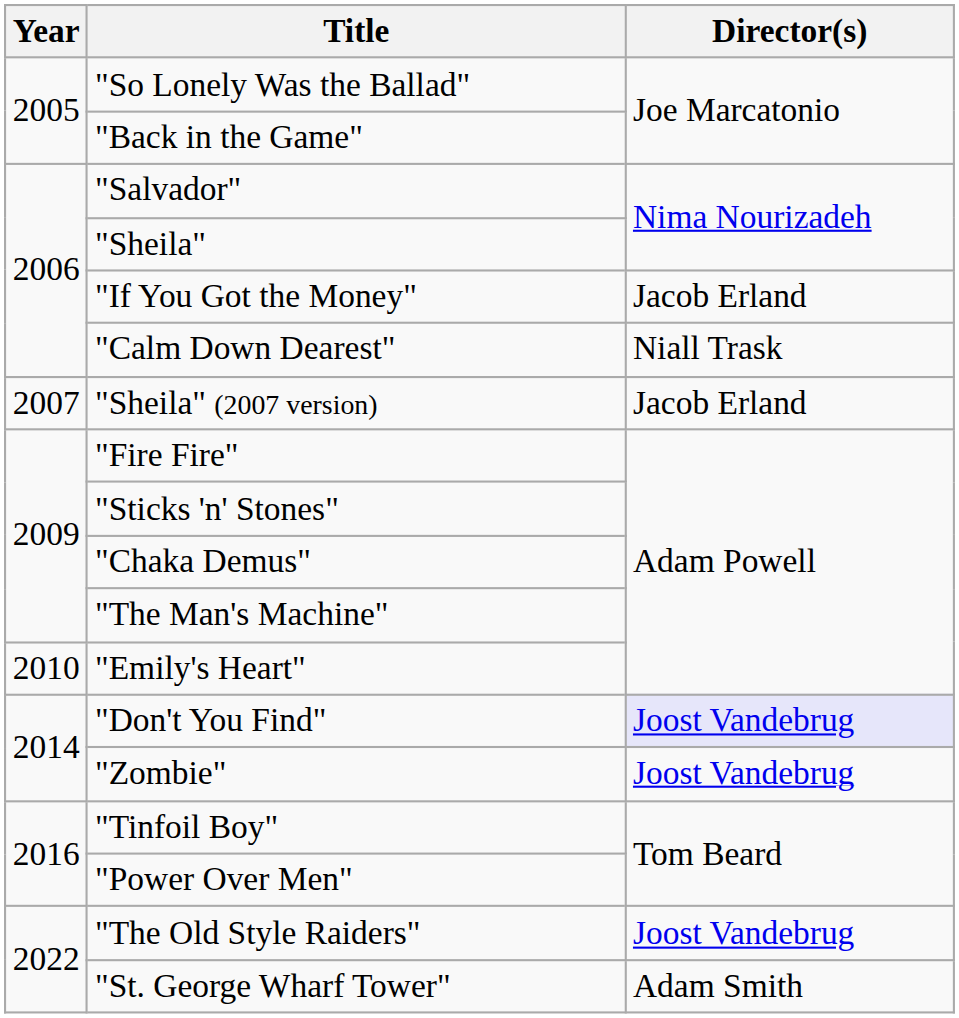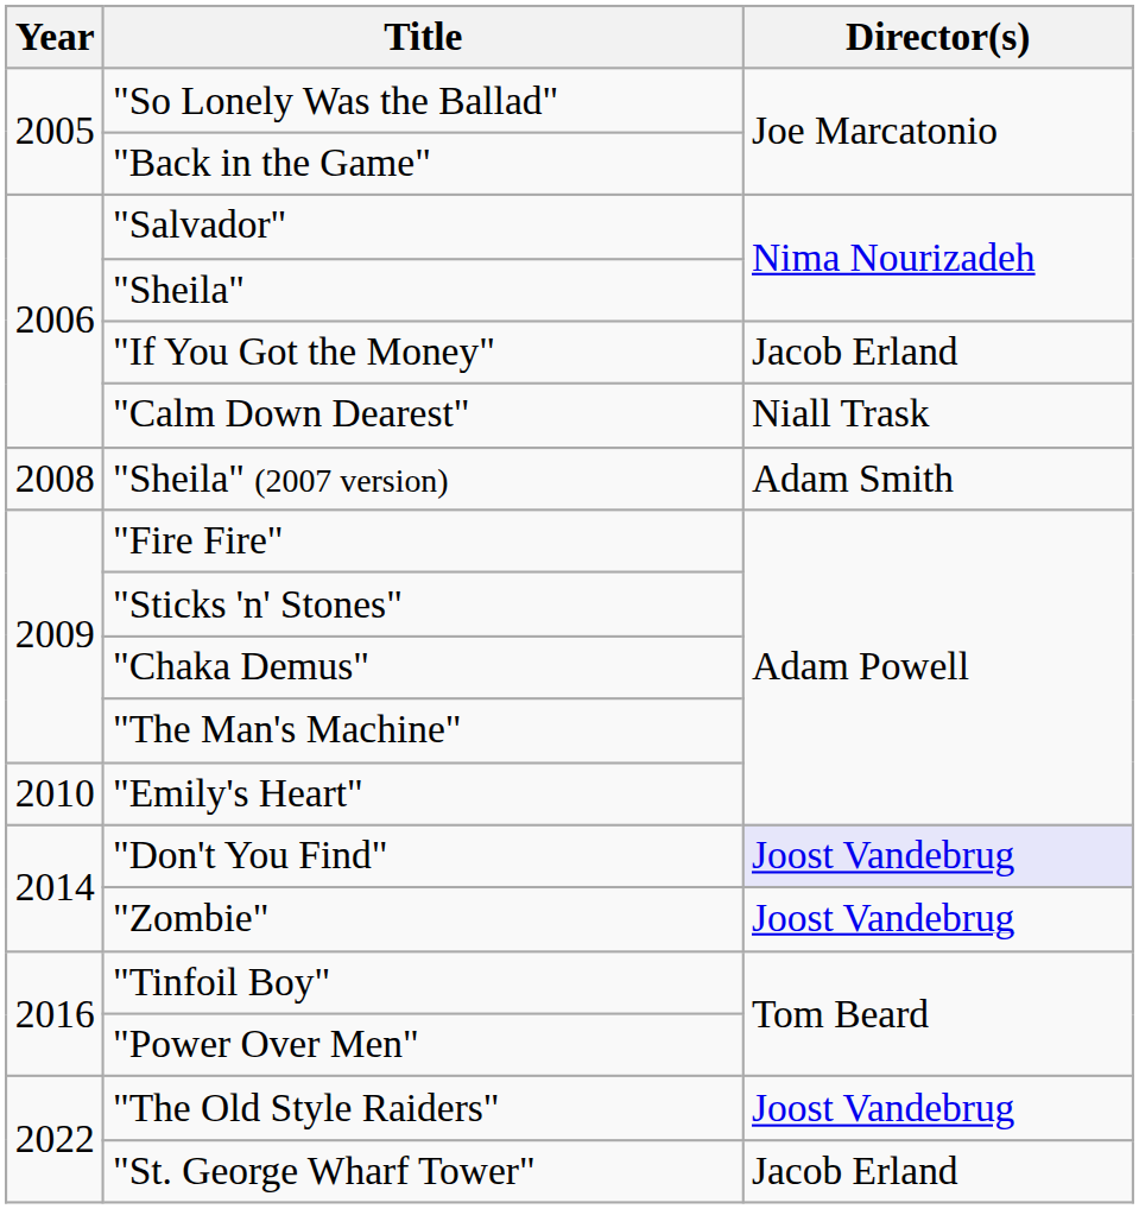 <table class="wikitable">
 <tr>
 <th width="20">Year</th>
 <th width="250">Title</th>
 <th width="150">Director(s)</th>
 </tr>
 <tr>
 <td align="center" rowspan="2">2005</td>
 <td>"So Lonely Was the Ballad"</td>
 <td rowspan="2">Joe Marcatonio</td>
 </tr>
 <tr>
 <td>"Back in the Game"</td>
 </tr>
 <tr>
 <td align="center" rowspan="4">2006</td>
 <td>"Salvador"</td>
 <td rowspan="2"><a href='#'>Nima Nourizadeh</a></td>
 </tr>
 <tr>
 <td>"Sheila"</td>
 </tr>
 <tr>
 <td>"If You Got the Money"</td>
 <td>Jacob Erland</td>
 </tr>
 <tr>
 <td>"Calm Down Dearest"</td>
 <td>Niall Trask</td>
 </tr>
 <tr>
-<td align="center">2007</td>
+<td align="center">2008</td>
 <td>"Sheila" <small>(2007 version)</small></td>
-<td>Jacob Erland</td>
+<td>Adam Smith</td>
 </tr>
 <tr>
 <td align="center" rowspan="4">2009</td>
 <td>"Fire Fire"</td>
 <td rowspan="5">Adam Powell</td>
 </tr>
 <tr>
 <td>"Sticks 'n' Stones"</td>
 </tr>
 <tr>
 <td>"Chaka Demus"</td>
 </tr>
 <tr>
 <td>"The Man's Machine"</td>
 </tr>
 <tr>
 <td align="center">2010</td>
 <td>"Emily's Heart"</td>
 </tr>
 <tr>
 <td align="center" rowspan="2">2014</td>
 <td>"Don't You Find"</td>
 <td style="background: lavender;"><a href='#'>Joost Vandebrug</a></td>
 </tr>
 <tr>
 <td>"Zombie"</td>
 <td><a href='#'>Joost Vandebrug</a></td>
 </tr>
 <tr>
 <td align="center" rowspan="2">2016</td>
 <td>"Tinfoil Boy"</td>
 <td rowspan="2">Tom Beard</td>
 </tr>
 <tr>
 <td>"Power Over Men"</td>
 </tr>
 <tr>
 <td rowspan="2">2022</td>
 <td>"The Old Style Raiders"</td>
 <td><a href='#'>Joost Vandebrug</a></td>
 </tr>
 <tr>
 <td>"St. George Wharf Tower"</td>
-<td>Adam Smith</td>
+<td>Jacob Erland</td>
 </tr>
 </table>
